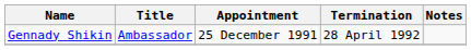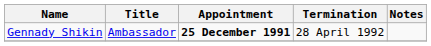 <table class="wikitable">
 <tr valign="middle">
 <th>Name</th>
 <th>Title</th>
 <th>Appointment</th>
 <th>Termination</th>
 <th>Notes</th>
 </tr>
 <tr>
 <td><a href='#'>Gennady Shikin</a></td>
 <td><a href='#'>Ambassador</a></td>
-<td>25 December 1991</td>
+<td><strong>25 December 1991</strong></td>
 <td>28 April 1992</td>
 <td></td>
 </tr>
 <tr>
 </tr>
 </table>
